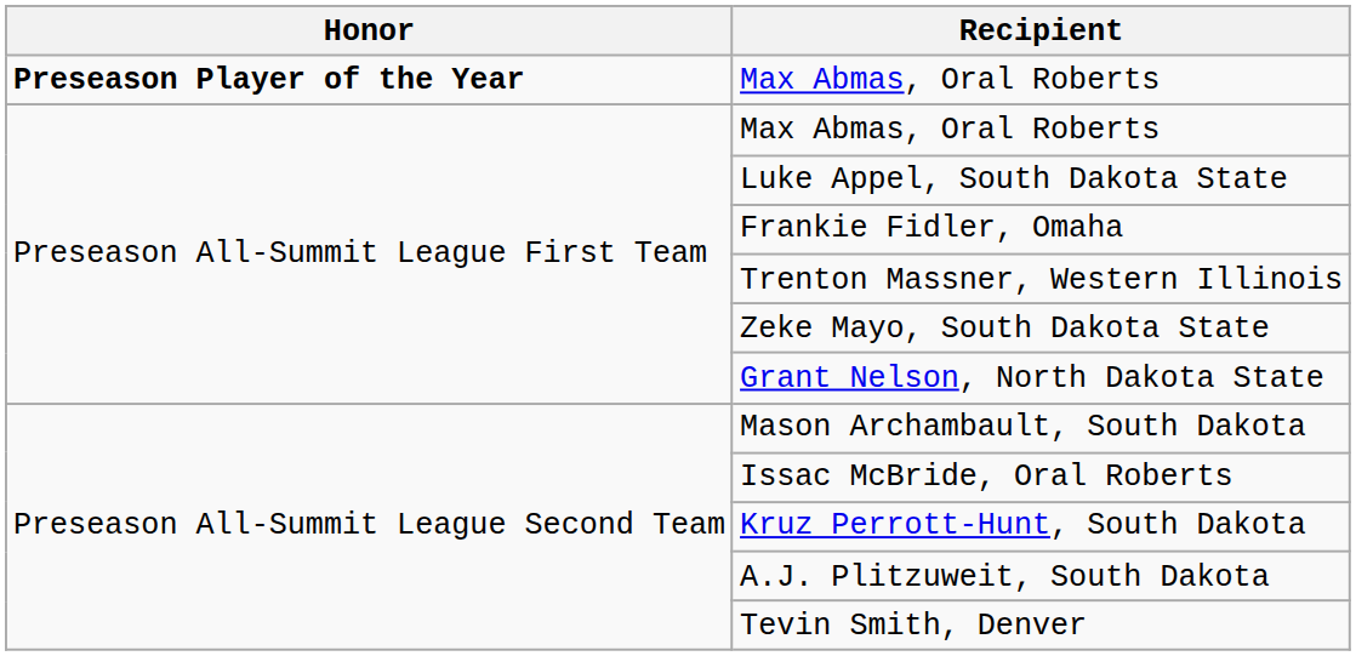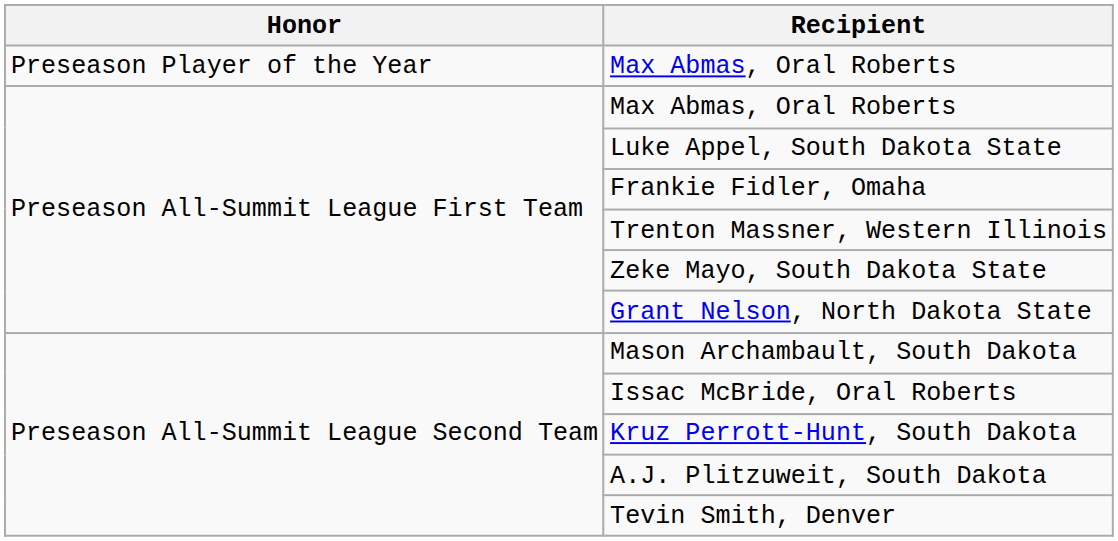 <table class="wikitable" border="1">
 <tr>
 <th>Honor</th>
 <th>Recipient</th>
 </tr>
 <tr>
-<td><strong>Preseason Player of the Year</strong></td>
+<td>Preseason Player of the Year</td>
 <td><a href='#'>Max Abmas</a>, Oral Roberts</td>
 </tr>
 <tr>
 <td rowspan=6>Preseason All-Summit League First Team</td>
 <td>Max Abmas, Oral Roberts</td>
 </tr>
 <tr>
 <td>Luke Appel, South Dakota State</td>
 </tr>
 <tr>
 <td>Frankie Fidler, Omaha</td>
 </tr>
 <tr>
 <td>Trenton Massner, Western Illinois</td>
 </tr>
 <tr>
 <td>Zeke Mayo, South Dakota State</td>
 </tr>
 <tr>
 <td><a href='#'>Grant Nelson</a>, North Dakota State</td>
 </tr>
 <tr>
 <td rowspan=5>Preseason All-Summit League Second Team</td>
 <td>Mason Archambault, South Dakota</td>
 </tr>
 <tr>
 <td>Issac McBride, Oral Roberts</td>
 </tr>
 <tr>
 <td><a href='#'>Kruz Perrott-Hunt</a>, South Dakota</td>
 </tr>
 <tr>
 <td>A.J. Plitzuweit, South Dakota</td>
 </tr>
 <tr>
 <td>Tevin Smith, Denver</td>
 </tr>
 </table>
